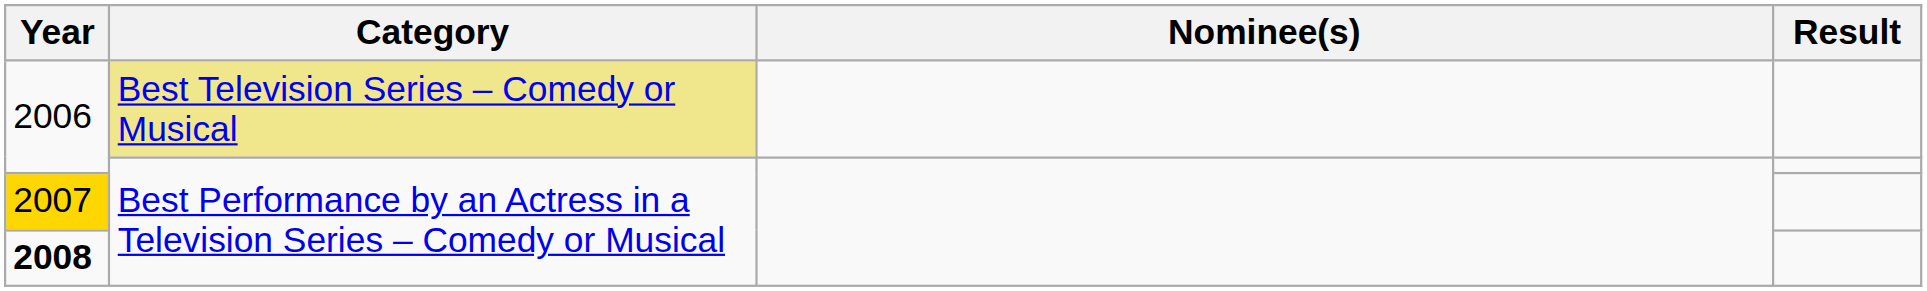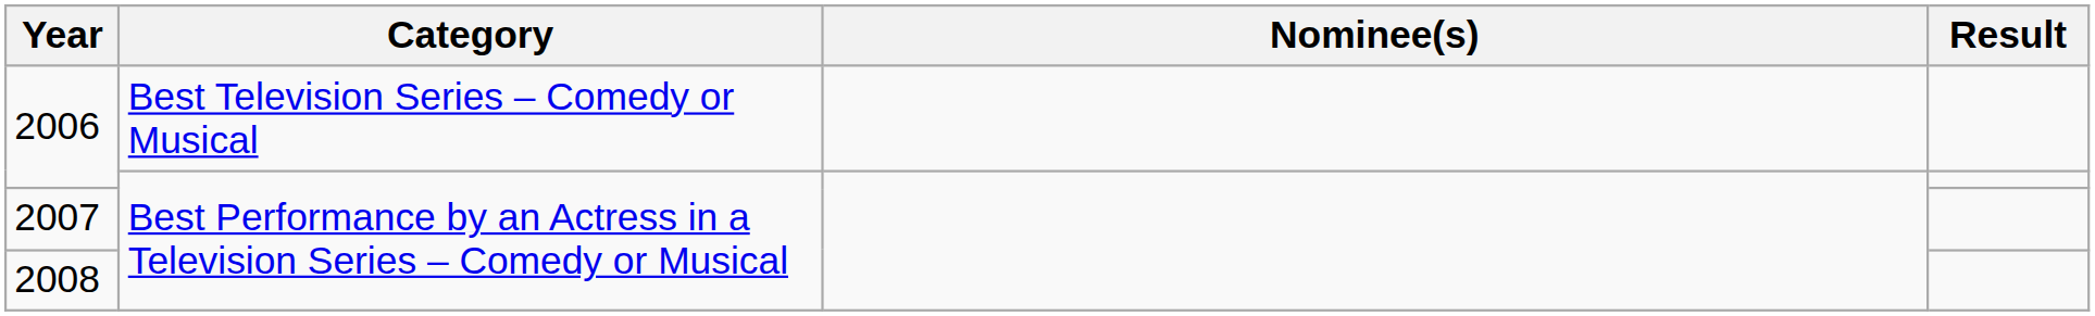 <table class="wikitable">
 <tr>
 <th width="2%">Year</th>
 <th width="27%">Category</th>
 <th width="42.5%">Nominee(s)</th>
 <th width="5%">Result</th>
 </tr>
 <tr>
 <td rowspan="2">2006</td>
-<td style="background: khaki;"><a href='#'>Best Television Series – Comedy or Musical</a></td>
+<td><a href='#'>Best Television Series – Comedy or Musical</a></td>
 <td></td>
 <td></td>
 </tr>
 <tr>
 <td rowspan="3"><a href='#'>Best Performance by an Actress in a Television Series – Comedy or Musical</a></td>
 <td rowspan="3"></td>
 <td></td>
 </tr>
 <tr>
-<td style="background: gold;">2007</td>
+<td>2007</td>
 <td></td>
 </tr>
 <tr>
-<td><strong>2008</strong></td>
+<td>2008</td>
 <td></td>
 </tr>
 </table>
